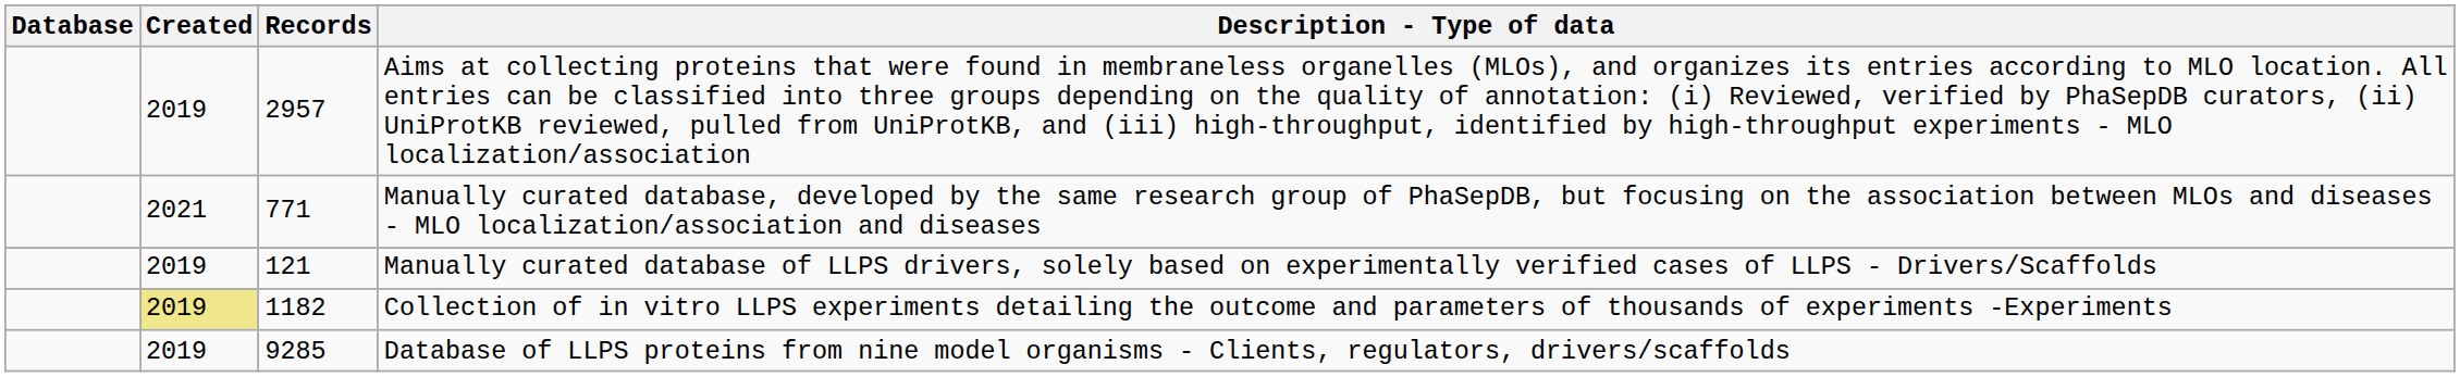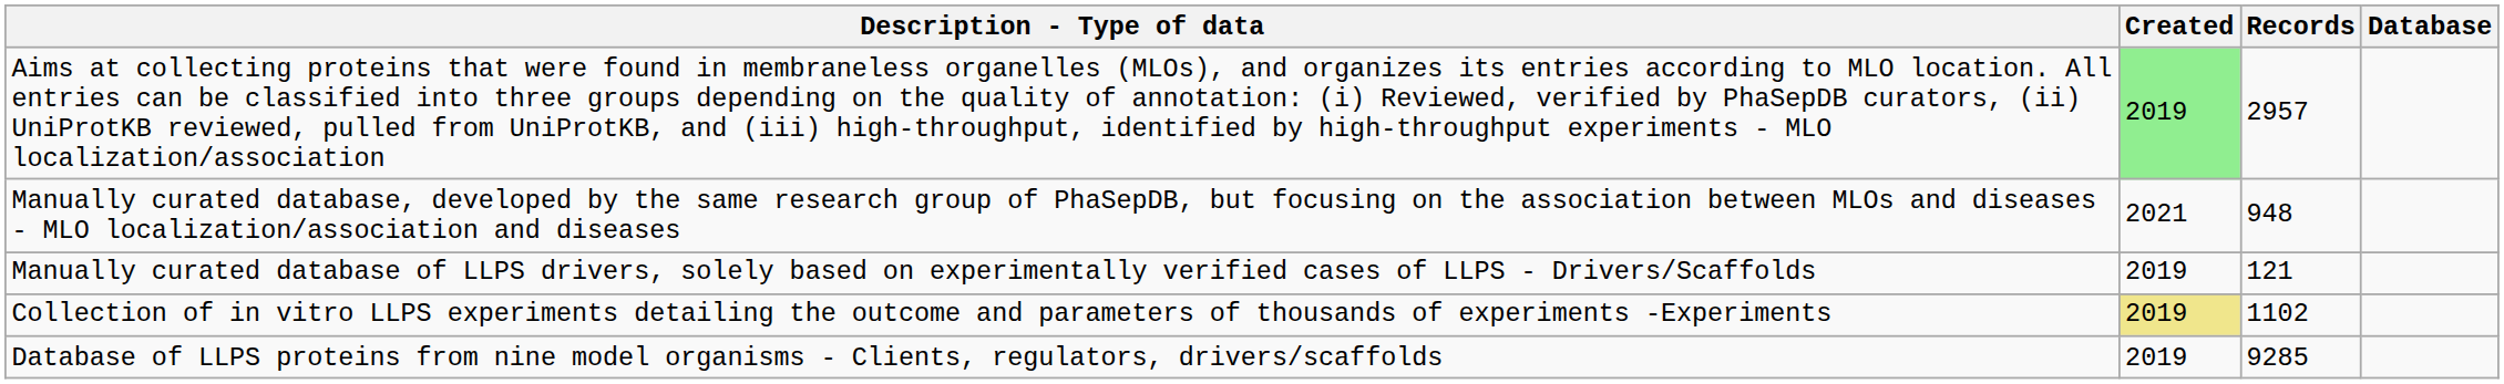 <table class="wikitable">
 <tr>
-<th>Database</th>
+<th>Description - Type of data</th>
 <th>Created</th>
 <th>Records</th>
-<th>Description - Type of data</th>
+<th>Database</th>
 </tr>
 <tr>
+<td>Aims at collecting proteins that were found in membraneless organelles (MLOs), and organizes its entries according to MLO location. All entries can be classified into three groups depending on the quality of annotation: (i) Reviewed, verified by PhaSepDB curators, (ii) UniProtKB reviewed, pulled from UniProtKB, and (iii) high-throughput, identified by high-throughput experiments - MLO localization/association</td>
+<td style="background: lightgreen;">2019</td>
+<td>2957</td>
 <td></td>
-<td>2019</td>
-<td>2957</td>
-<td>Aims at collecting proteins that were found in membraneless organelles (MLOs), and organizes its entries according to MLO location. All entries can be classified into three groups depending on the quality of annotation: (i) Reviewed, verified by PhaSepDB curators, (ii) UniProtKB reviewed, pulled from UniProtKB, and (iii) high-throughput, identified by high-throughput experiments - MLO localization/association</td>
 </tr>
 <tr>
+<td>Manually curated database, developed by the same research group of PhaSepDB, but focusing on the association between MLOs and diseases - MLO localization/association and diseases</td>
+<td>2021</td>
+<td>948</td>
 <td></td>
-<td>2021</td>
-<td>771</td>
-<td>Manually curated database, developed by the same research group of PhaSepDB, but focusing on the association between MLOs and diseases - MLO localization/association and diseases</td>
 </tr>
 <tr>
-<td></td>
+<td>Manually curated database of LLPS drivers, solely based on experimentally verified cases of LLPS - Drivers/Scaffolds</td>
 <td>2019</td>
 <td>121</td>
-<td>Manually curated database of LLPS drivers, solely based on experimentally verified cases of LLPS - Drivers/Scaffolds</td>
+<td></td>
 </tr>
 <tr>
+<td>Collection of in vitro LLPS experiments detailing the outcome and parameters of thousands of experiments -Experiments</td>
+<td style="background: khaki;">2019</td>
+<td>1102</td>
 <td></td>
-<td style="background: khaki;">2019</td>
-<td>1182</td>
-<td>Collection of in vitro LLPS experiments detailing the outcome and parameters of thousands of experiments -Experiments</td>
 </tr>
 <tr>
-<td></td>
+<td>Database of LLPS proteins from nine model organisms - Clients, regulators, drivers/scaffolds</td>
 <td>2019</td>
 <td>9285</td>
-<td>Database of LLPS proteins from nine model organisms - Clients, regulators, drivers/scaffolds</td>
+<td></td>
 </tr>
 </table>
